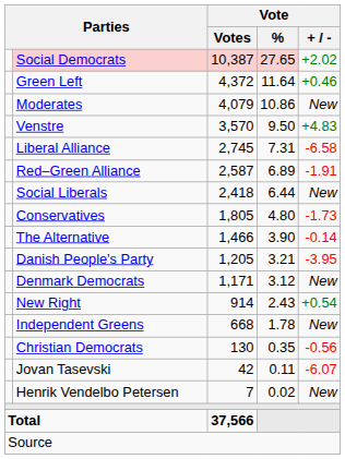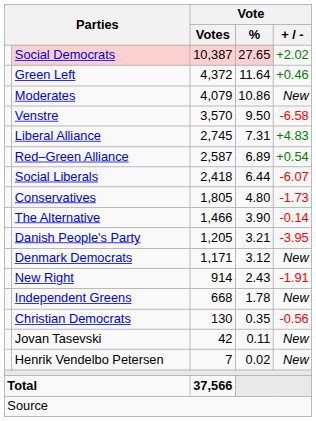 <table class="wikitable" style="text-align:right;">
 <tr>
 <th style="text-align:centre;" rowspan="2" colspan="2" width="225">Parties</th>
 <th colspan="3">Vote</th>
 </tr>
 <tr>
 <th width="15">Votes</th>
 <th width="15">%</th>
 <th width="15">+ / -</th>
 </tr>
 <tr>
 <td width="2" style="color:inherit;background:"></td>
 <td bgcolor=#fbd0ce  align="left"><a href='#'>Social Democrats</a></td>
 <td bgcolor=#fbd0ce>10,387</td>
 <td bgcolor=#fbd0ce>27.65</td>
 <td style=color:green;>+2.02</td>
 </tr>
 <tr>
 <td width="2" style="color:inherit;background:"></td>
 <td align="left"><a href='#'>Green Left</a></td>
 <td>4,372</td>
 <td>11.64</td>
 <td style=color:green;>+0.46</td>
 </tr>
 <tr>
 <td width="2" style="color:inherit;background:"></td>
 <td align="left"><a href='#'>Moderates</a></td>
 <td>4,079</td>
 <td>10.86</td>
 <td><em>New</em></td>
 </tr>
 <tr>
 <td width="2" style="color:inherit;background:"></td>
 <td align="left"><a href='#'>Venstre</a></td>
 <td>3,570</td>
 <td>9.50</td>
-<td style=color:green;>+4.83</td>
+<td style=color:red;>-6.58</td>
 </tr>
 <tr>
 <td width="2" style="color:inherit;background:"></td>
 <td align="left"><a href='#'>Liberal Alliance</a></td>
 <td>2,745</td>
 <td>7.31</td>
-<td style=color:red;>-6.58</td>
+<td style=color:green;>+4.83</td>
 </tr>
 <tr>
 <td width="2" style="color:inherit;background:"></td>
 <td align="left"><a href='#'>Red–Green Alliance</a></td>
 <td>2,587</td>
 <td>6.89</td>
-<td style=color:red;>-1.91</td>
+<td style=color:green;>+0.54</td>
 </tr>
 <tr>
 <td width="2" style="color:inherit;background:"></td>
 <td align="left"><a href='#'>Social Liberals</a></td>
 <td>2,418</td>
 <td>6.44</td>
-<td><em>New</em></td>
+<td style=color:red;>-6.07</td>
 </tr>
 <tr>
 <td width="2" style="color:inherit;background:"></td>
 <td align="left"><a href='#'>Conservatives</a></td>
 <td>1,805</td>
 <td>4.80</td>
 <td style=color:red;>-1.73</td>
 </tr>
 <tr>
 <td width="2" style="color:inherit;background:"></td>
 <td align="left"><a href='#'>The Alternative</a></td>
 <td>1,466</td>
 <td>3.90</td>
 <td style=color:red;>-0.14</td>
 </tr>
 <tr>
 <td width="2" style="color:inherit;background:"></td>
 <td align="left"><a href='#'>Danish People's Party</a></td>
 <td>1,205</td>
 <td>3.21</td>
 <td style=color:red;>-3.95</td>
 </tr>
 <tr>
 <td width="2" style="color:inherit;background:"></td>
 <td align="left"><a href='#'>Denmark Democrats</a></td>
 <td>1,171</td>
 <td>3.12</td>
 <td><em>New</em></td>
 </tr>
 <tr>
 <td width="2" style="color:inherit;background:"></td>
 <td align="left"><a href='#'>New Right</a></td>
 <td>914</td>
 <td>2.43</td>
-<td style=color:green;>+0.54</td>
+<td style=color:red;>-1.91</td>
 </tr>
 <tr>
 <td width="2" style="color:inherit;background:"></td>
 <td align="left"><a href='#'>Independent Greens</a></td>
 <td>668</td>
 <td>1.78</td>
 <td><em>New</em></td>
 </tr>
 <tr>
 <td width="2" style="color:inherit;background:"></td>
 <td align="left"><a href='#'>Christian Democrats</a></td>
 <td>130</td>
 <td>0.35</td>
 <td style=color:red;>-0.56</td>
 </tr>
 <tr>
 <td width="2" style="color:inherit;background:"></td>
 <td align="left">Jovan Tasevski</td>
 <td>42</td>
 <td>0.11</td>
-<td style=color:red;>-6.07</td>
+<td><em>New</em></td>
 </tr>
 <tr>
 <td width="2" style="color:inherit;background:"></td>
 <td align="left">Henrik Vendelbo Petersen</td>
 <td>7</td>
 <td>0.02</td>
 <td><em>New</em></td>
 </tr>
 <tr>
 <td colspan="7" bgcolor="#E9E9E9"></td>
 </tr>
 <tr>
 <td align="left" colspan="2"><strong>Total</strong></td>
 <td><strong>37,566</strong></td>
 <td bgcolor="#E9E9E9" colspan="2"></td>
 </tr>
 <tr>
 <td align="left" colspan="6">Source</td>
 </tr>
 </table>
